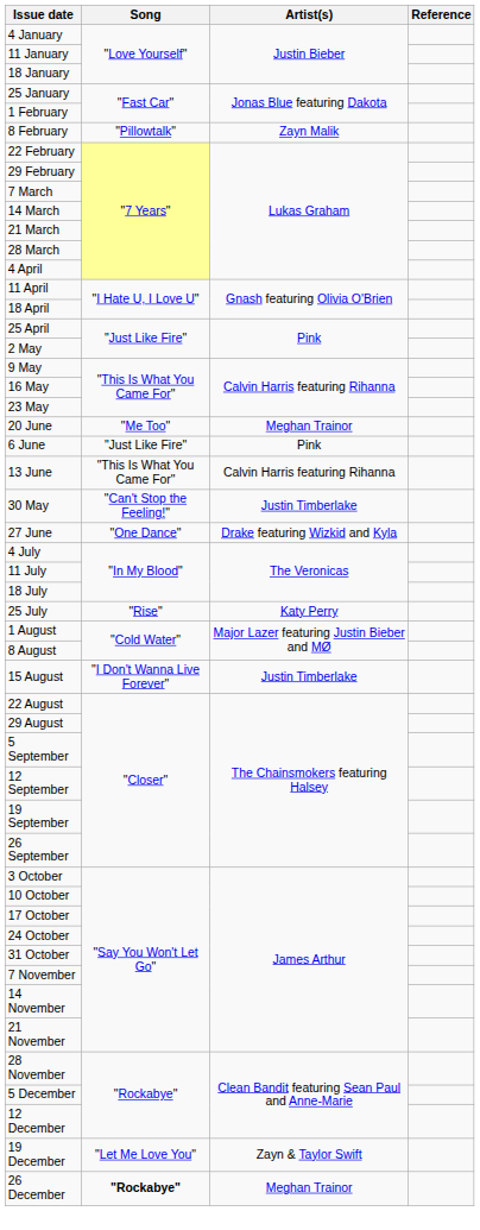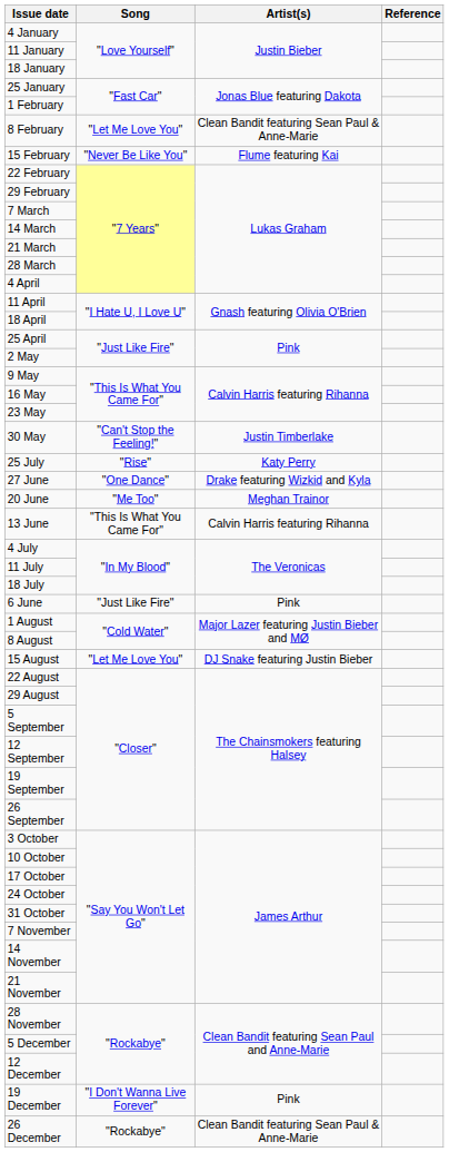 <table class="wikitable">
 <tr>
 <th>Issue date</th>
 <th>Song</th>
 <th>Artist(s)</th>
 <th>Reference</th>
 </tr>
 <tr>
 <td align="left">4 January</td>
 <td align="center" rowspan="3">"<a href='#'>Love Yourself</a>"</td>
 <td align="center" rowspan="3"><a href='#'>Justin Bieber</a></td>
 <td align="center"></td>
 </tr>
 <tr>
 <td align="left">11 January</td>
 <td align="center"></td>
 </tr>
 <tr>
 <td align="left">18 January</td>
 <td align="center"></td>
 </tr>
 <tr>
 <td align="left">25 January</td>
 <td align="center" rowspan="2">"<a href='#'>Fast Car</a>"</td>
 <td align="center" rowspan="2"><a href='#'>Jonas Blue</a> featuring <a href='#'>Dakota</a></td>
 <td align="center"></td>
 </tr>
 <tr>
 <td align="left">1 February</td>
 <td align="center"></td>
 </tr>
 <tr>
 <td align="left">8 February</td>
-<td align="center">"<a href='#'>Pillowtalk</a>"</td>
-<td align="center"><a href='#'>Zayn Malik</a></td>
+<td align="center">"<a href='#'>Let Me Love You</a>"</td>
+<td align="center">Clean Bandit featuring Sean Paul & Anne-Marie</td>
+<td align="center"></td>
+</tr>
+<tr>
+<td align="left">15 February</td>
+<td align="center">"<a href='#'>Never Be Like You</a>"</td>
+<td align="center"><a href='#'>Flume</a> featuring <a href='#'>Kai</a></td>
 <td align="center"></td>
 </tr>
 <tr>
 <td align="left">22 February</td>
 <td bgcolor=#FFFF99 align="center" rowspan="7">"<a href='#'>7 Years</a>"</td>
 <td align="center" rowspan="7"><a href='#'>Lukas Graham</a></td>
 <td align="center"></td>
 </tr>
 <tr>
 <td align="left">29 February</td>
 <td align="center"></td>
 </tr>
 <tr>
 <td align="left">7 March</td>
 <td align="center"></td>
 </tr>
 <tr>
 <td align="left">14 March</td>
 <td align="center"></td>
 </tr>
 <tr>
 <td align="left">21 March</td>
 <td align="center"></td>
 </tr>
 <tr>
 <td align="left">28 March</td>
 <td align="center"></td>
 </tr>
 <tr>
 <td align="left">4 April</td>
 <td align="center"></td>
 </tr>
 <tr>
 <td align="left">11 April</td>
 <td align="center" rowspan="2">"<a href='#'>I Hate U, I Love U</a>"</td>
 <td align="center" rowspan="2"><a href='#'>Gnash</a> featuring <a href='#'>Olivia O'Brien</a></td>
 <td align="center"></td>
 </tr>
 <tr>
 <td align="left">18 April</td>
 <td align="center"></td>
 </tr>
 <tr>
 <td align="left">25 April</td>
 <td align="center" rowspan="2">"<a href='#'>Just Like Fire</a>"</td>
 <td align="center" rowspan="2"><a href='#'>Pink</a></td>
 <td align="center"></td>
 </tr>
 <tr>
 <td align="left">2 May</td>
 <td align="center"></td>
 </tr>
 <tr>
 <td align="left">9 May</td>
 <td align="center" rowspan="3">"<a href='#'>This Is What You Came For</a>"</td>
 <td align="center" rowspan="3"><a href='#'>Calvin Harris</a> featuring <a href='#'>Rihanna</a></td>
 <td align="center"></td>
 </tr>
 <tr>
 <td align="left">16 May</td>
 <td align="center"></td>
 </tr>
 <tr>
 <td align="left">23 May</td>
 <td align="center"></td>
 </tr>
 <tr>
+<td align="left">30 May</td>
+<td align="center">"<a href='#'>Can't Stop the Feeling!</a>"</td>
+<td align="center"><a href='#'>Justin Timberlake</a></td>
+<td align="center"></td>
+</tr>
+<tr>
+<td align="left">25 July</td>
+<td align="center">"<a href='#'>Rise</a>"</td>
+<td align="center"><a href='#'>Katy Perry</a></td>
+<td align="center"></td>
+</tr>
+<tr>
+<td align="left">27 June</td>
+<td align="center">"<a href='#'>One Dance</a>"</td>
+<td align="center"><a href='#'>Drake</a> featuring <a href='#'>Wizkid</a> and <a href='#'>Kyla</a></td>
+<td align="center"></td>
+</tr>
+<tr>
 <td align="left">20 June</td>
 <td align="center">"<a href='#'>Me Too</a>"</td>
 <td align="center"><a href='#'>Meghan Trainor</a></td>
 <td align="center"></td>
 </tr>
 <tr>
-<td align="left">6 June</td>
-<td align="center">"Just Like Fire"</td>
-<td align="center">Pink</td>
-<td align="center"></td>
-</tr>
-<tr>
 <td align="left">13 June</td>
 <td align="center">"This Is What You Came For"</td>
 <td align="center">Calvin Harris featuring Rihanna</td>
-<td align="center"></td>
-</tr>
-<tr>
-<td align="left">30 May</td>
-<td align="center">"<a href='#'>Can't Stop the Feeling!</a>"</td>
-<td align="center"><a href='#'>Justin Timberlake</a></td>
-<td align="center"></td>
-</tr>
-<tr>
-<td align="left">27 June</td>
-<td align="center">"<a href='#'>One Dance</a>"</td>
-<td align="center"><a href='#'>Drake</a> featuring <a href='#'>Wizkid</a> and <a href='#'>Kyla</a></td>
 <td align="center"></td>
 </tr>
 <tr>
 <td align="left">4 July</td>
 <td align="center" rowspan="3">"<a href='#'>In My Blood</a>"</td>
 <td align="center" rowspan="3"><a href='#'>The Veronicas</a></td>
 <td align="center"></td>
 </tr>
 <tr>
 <td align="left">11 July</td>
 <td align="center"></td>
 </tr>
 <tr>
 <td align="left">18 July</td>
 <td align="center"></td>
 </tr>
 <tr>
-<td align="left">25 July</td>
-<td align="center">"<a href='#'>Rise</a>"</td>
-<td align="center"><a href='#'>Katy Perry</a></td>
+<td align="left">6 June</td>
+<td align="center">"Just Like Fire"</td>
+<td align="center">Pink</td>
 <td align="center"></td>
 </tr>
 <tr>
 <td align="left">1 August</td>
 <td align="center" rowspan="2">"<a href='#'>Cold Water</a>"</td>
 <td align="center" rowspan="2"><a href='#'>Major Lazer</a> featuring <a href='#'>Justin Bieber</a> and <a href='#'>MØ</a></td>
 <td align="center"></td>
 </tr>
 <tr>
 <td align="left">8 August</td>
 <td align="center"></td>
 </tr>
 <tr>
 <td align="left">15 August</td>
-<td align="center">"<a href='#'>I Don't Wanna Live Forever</a>"</td>
-<td align="center"><a href='#'>Justin Timberlake</a></td>
+<td align="center">"<a href='#'>Let Me Love You</a>"</td>
+<td align="center"><a href='#'>DJ Snake</a> featuring Justin Bieber</td>
 <td align="center"></td>
 </tr>
 <tr>
 <td align="left">22 August</td>
 <td align="center" rowspan="6">"<a href='#'>Closer</a>"</td>
 <td align="center" rowspan="6"><a href='#'>The Chainsmokers</a> featuring <a href='#'>Halsey</a></td>
 <td align="center"></td>
 </tr>
 <tr>
 <td align="left">29 August</td>
 <td align="center"></td>
 </tr>
 <tr>
 <td align="left">5 September</td>
 <td align="center"></td>
 </tr>
 <tr>
 <td align="left">12 September</td>
 <td align="center"></td>
 </tr>
 <tr>
 <td align="left">19 September</td>
 <td align="center"></td>
 </tr>
 <tr>
 <td align="left">26 September</td>
 <td align="center"></td>
 </tr>
 <tr>
 <td align="left">3 October</td>
 <td align="center" rowspan="8">"<a href='#'>Say You Won't Let Go</a>"</td>
 <td align="center" rowspan="8"><a href='#'>James Arthur</a></td>
 <td align="center"></td>
 </tr>
 <tr>
 <td align="left">10 October</td>
 <td align="center"></td>
 </tr>
 <tr>
 <td align="left">17 October</td>
 <td align="center"></td>
 </tr>
 <tr>
 <td align="left">24 October</td>
 <td align="center"></td>
 </tr>
 <tr>
 <td align="left">31 October</td>
 <td align="center"></td>
 </tr>
 <tr>
 <td align="left">7 November</td>
 <td align="center"></td>
 </tr>
 <tr>
 <td align="left">14 November</td>
 <td align="center"></td>
 </tr>
 <tr>
 <td align="left">21 November</td>
 <td align="center"></td>
 </tr>
 <tr>
 <td align="left">28 November</td>
 <td align="center" rowspan="3">"<a href='#'>Rockabye</a>"</td>
 <td align="center" rowspan="3"><a href='#'>Clean Bandit</a> featuring <a href='#'>Sean Paul</a> and <a href='#'>Anne-Marie</a></td>
 <td align="center"></td>
 </tr>
 <tr>
 <td align="left">5 December</td>
 <td align="center"></td>
 </tr>
 <tr>
 <td align="left">12 December</td>
 <td align="center"></td>
 </tr>
 <tr>
 <td align="left">19 December</td>
-<td align="center">"<a href='#'>Let Me Love You</a>"</td>
-<td align="center">Zayn & <a href='#'>Taylor Swift</a></td>
+<td align="center">"<a href='#'>I Don't Wanna Live Forever</a>"</td>
+<td align="center">Pink</td>
 <td align="center"></td>
 </tr>
 <tr>
 <td align="left">26 December</td>
-<td align="center"><strong>"Rockabye"</strong></td>
-<td align="center"><a href='#'>Meghan Trainor</a></td>
+<td align="center">"Rockabye"</td>
+<td align="center">Clean Bandit featuring Sean Paul & Anne-Marie</td>
 <td align="center"></td>
 </tr>
 </table>
